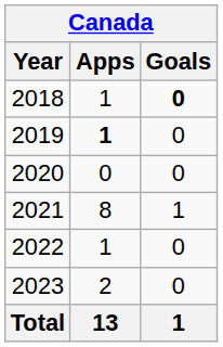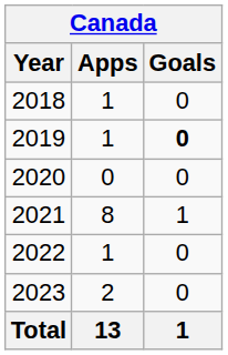 <table class="wikitable" style="text-align:center">
 <tr>
 <th colspan=3><a href='#'>Canada</a></th>
 </tr>
 <tr>
 <th>Year</th>
 <th>Apps</th>
 <th>Goals</th>
 </tr>
 <tr>
 <td>2018</td>
 <td>1</td>
-<td><strong>0</strong></td>
+<td>0</td>
 </tr>
 <tr>
 <td>2019</td>
-<td><strong>1</strong></td>
-<td>0</td>
+<td>1</td>
+<td><strong>0</strong></td>
 </tr>
 <tr>
 <td>2020</td>
 <td>0</td>
 <td>0</td>
 </tr>
 <tr>
 <td>2021</td>
 <td>8</td>
 <td>1</td>
 </tr>
 <tr>
 <td>2022</td>
 <td>1</td>
 <td>0</td>
 </tr>
 <tr>
 <td>2023</td>
 <td>2</td>
 <td>0</td>
 </tr>
 <tr>
 <th>Total</th>
 <th>13</th>
 <th>1</th>
 </tr>
 </table>
